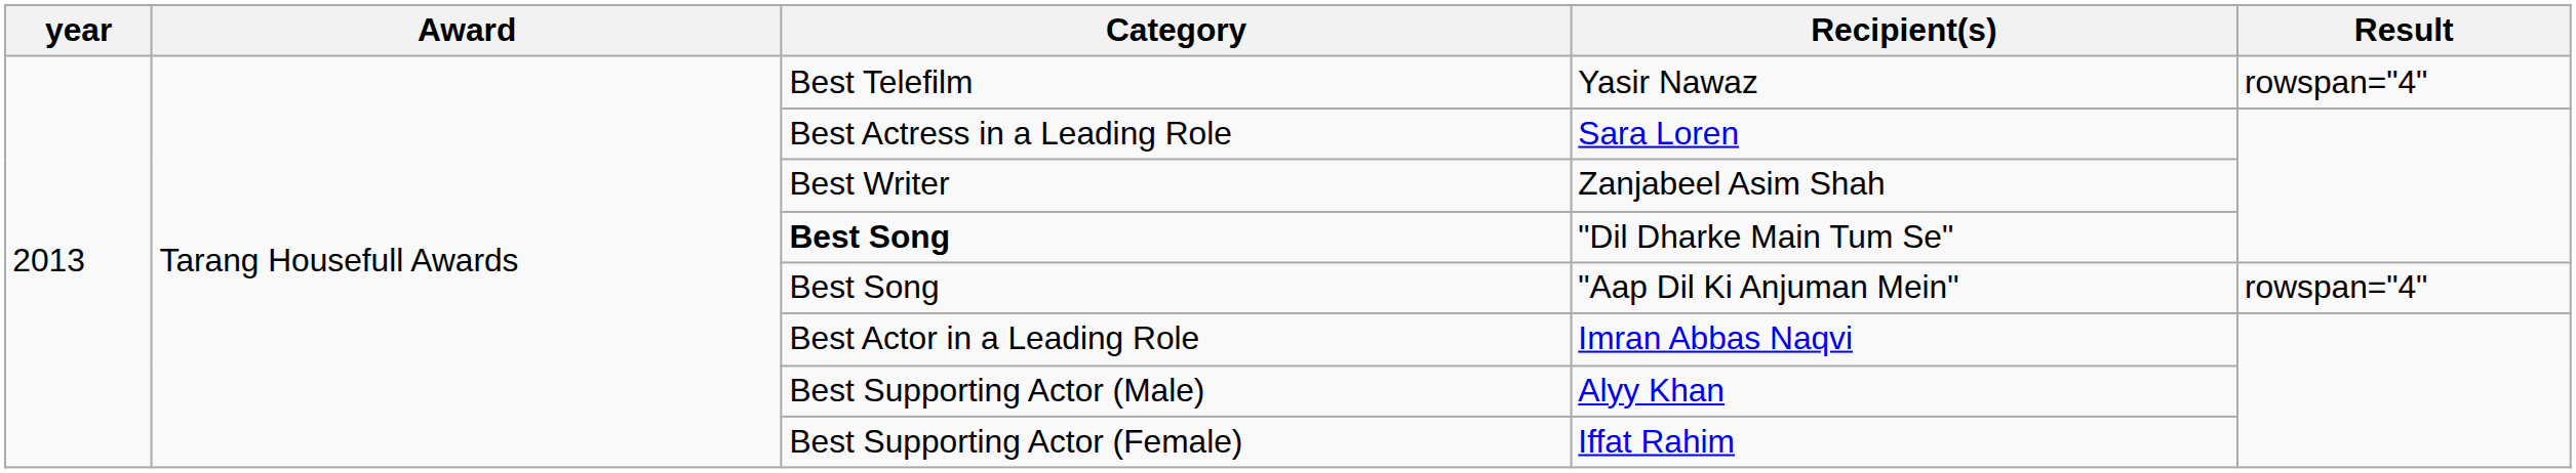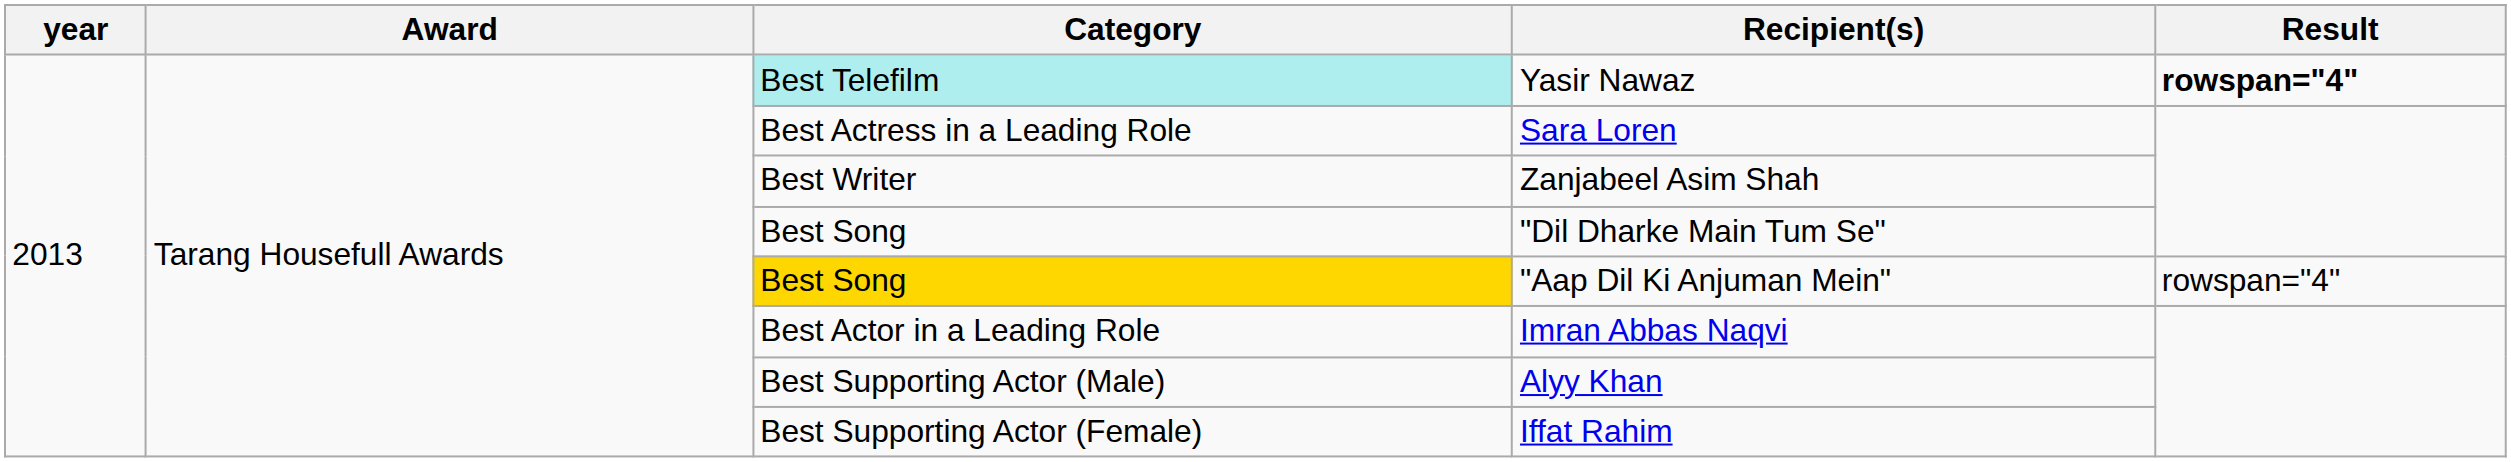 <table class="wikitable" style="width:100%">
 <tr>
 <th>year</th>
 <th>Award</th>
 <th>Category</th>
 <th>Recipient(s)</th>
 <th>Result</th>
 </tr>
 <tr>
 <td rowspan="8">2013</td>
 <td rowspan="8">Tarang Housefull Awards</td>
-<td>Best Telefilm</td>
+<td style="background: paleturquoise;">Best Telefilm</td>
 <td>Yasir Nawaz</td>
-<td>rowspan="4" </td>
+<td><strong>rowspan="4" </strong></td>
 </tr>
 <tr>
 <td>Best Actress in a Leading Role</td>
 <td><a href='#'>Sara Loren</a></td>
 </tr>
 <tr>
 <td>Best Writer</td>
 <td>Zanjabeel Asim Shah</td>
 </tr>
 <tr>
-<td><strong>Best Song</strong></td>
+<td>Best Song</td>
 <td>"Dil Dharke Main Tum Se"</td>
 </tr>
 <tr>
-<td>Best Song</td>
+<td style="background: gold;">Best Song</td>
 <td>"Aap Dil Ki Anjuman Mein"</td>
 <td>rowspan="4" </td>
 </tr>
 <tr>
 <td>Best Actor in a Leading Role</td>
 <td><a href='#'>Imran Abbas Naqvi</a></td>
 </tr>
 <tr>
 <td>Best Supporting Actor (Male)</td>
 <td><a href='#'>Alyy Khan</a></td>
 </tr>
 <tr>
 <td>Best Supporting Actor (Female)</td>
 <td><a href='#'>Iffat Rahim</a></td>
 </tr>
 </table>
